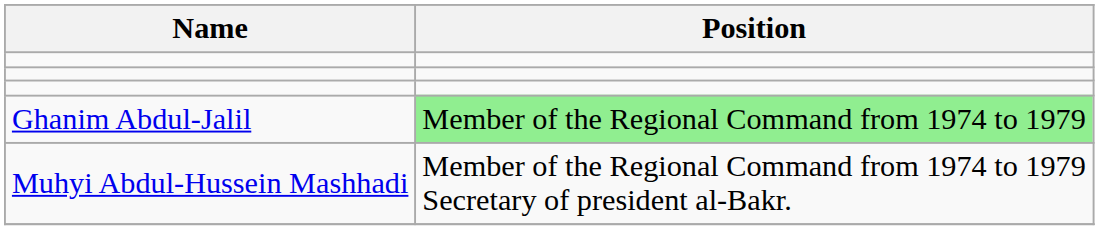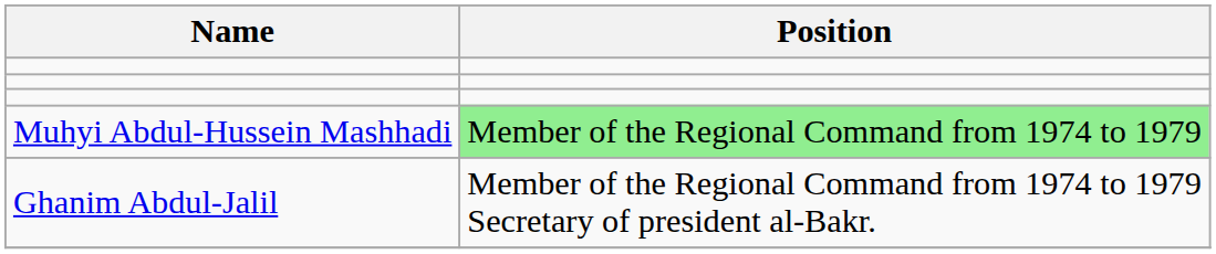 <table class="wikitable">
 <tr>
 <th>Name</th>
 <th>Position</th>
 </tr>
 <tr>
 <td></td>
 <td></td>
 </tr>
 <tr>
 <td></td>
 <td></td>
 </tr>
 <tr>
 <td></td>
 <td></td>
 </tr>
 <tr>
-<td><a href='#'>Ghanim Abdul-Jalil</a></td>
+<td><a href='#'>Muhyi Abdul-Hussein Mashhadi</a></td>
 <td style="background: lightgreen;">Member of the Regional Command from 1974 to 1979</td>
 </tr>
 <tr>
-<td><a href='#'>Muhyi Abdul-Hussein Mashhadi</a></td>
+<td><a href='#'>Ghanim Abdul-Jalil</a></td>
 <td>Member of the Regional Command from 1974 to 1979 <br> Secretary of president al-Bakr.</td>
 </tr>
 <tr>
 </tr>
 </table>
